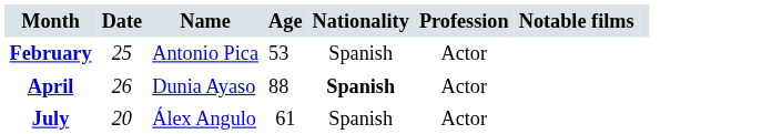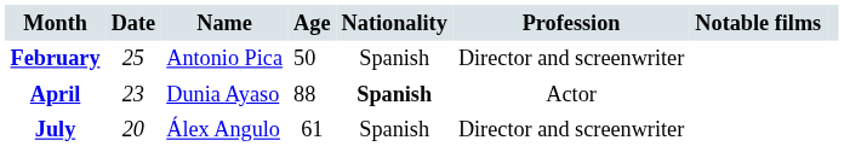 <table cellspacing="0" cellpadding="4" border="0">
 <tr style="background:#dae3e7; text-align:center;">
 <th>Month</th>
 <th>Date</th>
 <th>Name</th>
 <th>Age</th>
 <th>Nationality</th>
 <th>Profession</th>
 <th>Notable films</th>
 <th></th>
 </tr>
 <tr valign="top">
 <th style="text-align:center; vertical-align:top;"><a href='#'>February</a></th>
 <td style="text-align:center;"><em>25</em></td>
 <td><a href='#'>Antonio Pica</a></td>
-<td style=2text-align:center;>53</td>
+<td style=2text-align:center;>50</td>
 <td style="text-align:center;">Spanish</td>
-<td style="text-align:center;">Actor</td>
+<td style="text-align:center;">Director and screenwriter</td>
 <td></td>
 <td align = "center"></td>
 </tr>
 <tr valign="top">
 <th rowspan=1 style="text-align:center; vertical-align:top;"><a href='#'>April</a></th>
-<td style="text-align:center;"><em>26</em></td>
+<td style="text-align:center;"><em>23</em></td>
 <td><a href='#'>Dunia Ayaso</a></td>
 <td style=2text-align:center;>88</td>
 <td style="text-align:center;"><strong>Spanish</strong></td>
 <td style="text-align:center;">Actor</td>
 <td></td>
 <td align = "center"></td>
 </tr>
 <tr>
 <th rowspan=1 style="text-align:center; vertical-align:top;"><a href='#'>July</a></th>
 <td style="text-align:center;"><em>20</em></td>
 <td><a href='#'>Álex Angulo</a></td>
 <td style="text-align:center;">61</td>
 <td style="text-align:center;">Spanish</td>
-<td style="text-align:center;">Actor</td>
+<td style="text-align:center;">Director and screenwriter</td>
 <td></td>
 <td align = "center"></td>
 </tr>
 <tr>
 </tr>
 </table>
